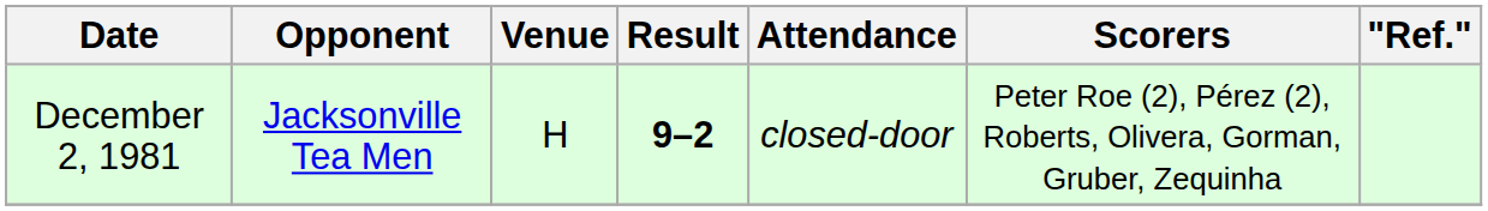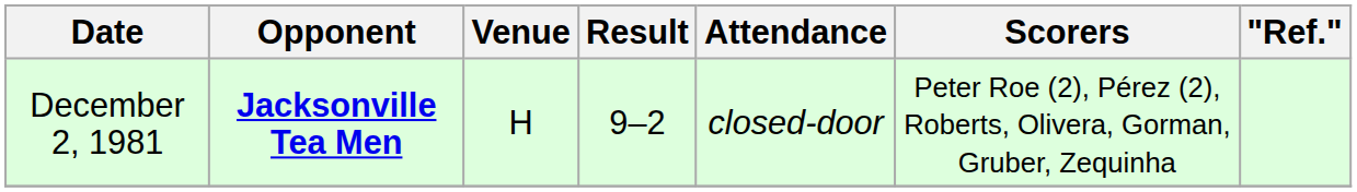 <table class="wikitable" style="font-size:95%; text-align:center">
 <tr>
 <th>Date</th>
 <th>Opponent</th>
 <th>Venue</th>
 <th>Result</th>
 <th>Attendance</th>
 <th>Scorers</th>
 <th>"Ref."</th>
 </tr>
 <tr bgcolor="#ddffdd">
 <td> December 2, 1981</td>
-<td><a href='#'>Jacksonville Tea Men</a></td>
+<td><strong><a href='#'>Jacksonville Tea Men</a></strong></td>
 <td>H</td>
-<td><strong>9–2</strong></td>
+<td>9–2</td>
 <td><em>closed-door</em></td>
 <td><small>Peter Roe (2), Pérez (2), Roberts, Olivera, Gorman, Gruber, Zequinha </small></td>
 <td></td>
 </tr>
 <tr>
 </tr>
 </table>
